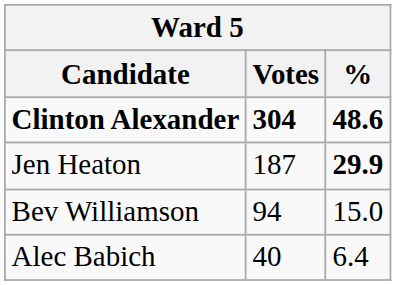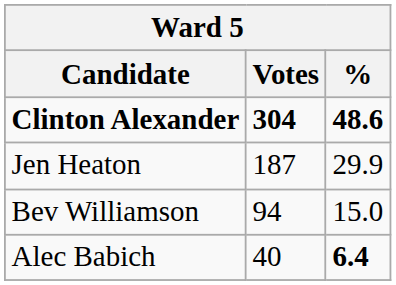 <table class="wikitable">
 <tr>
 <th colspan=3>Ward 5</th>
 </tr>
 <tr>
 <th>Candidate</th>
 <th>Votes</th>
 <th>%</th>
 </tr>
 <tr>
 <td><strong>Clinton Alexander</strong></td>
 <td><strong>304</strong></td>
 <td><strong>48.6</strong></td>
 </tr>
 <tr>
 <td>Jen Heaton</td>
 <td>187</td>
-<td><strong>29.9</strong></td>
+<td>29.9</td>
 </tr>
 <tr>
 <td>Bev Williamson</td>
 <td>94</td>
 <td>15.0</td>
 </tr>
 <tr>
 <td>Alec Babich</td>
 <td>40</td>
-<td>6.4</td>
+<td><strong>6.4</strong></td>
 </tr>
 </table>
